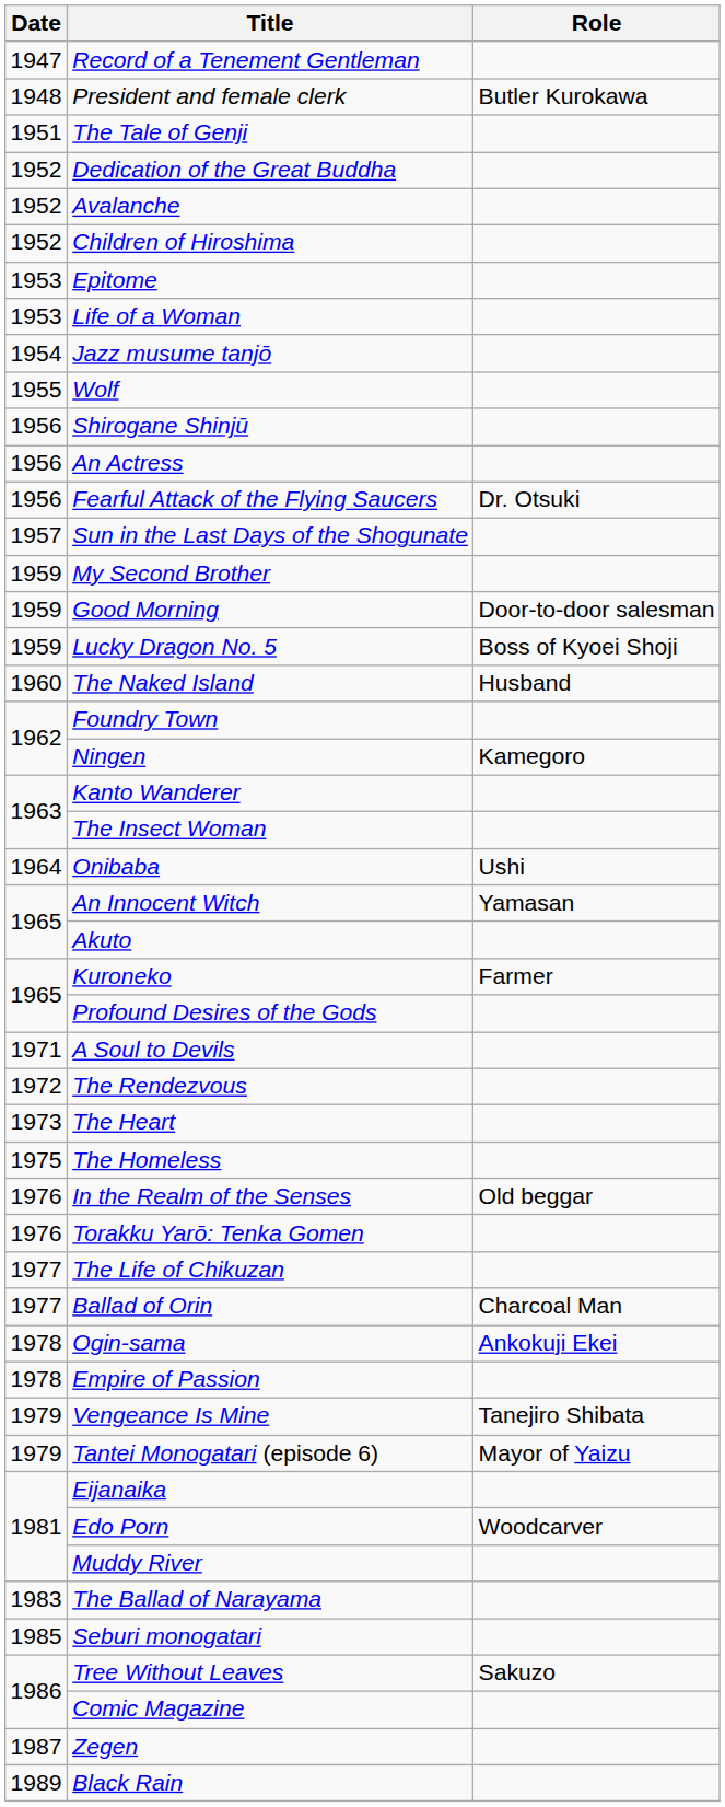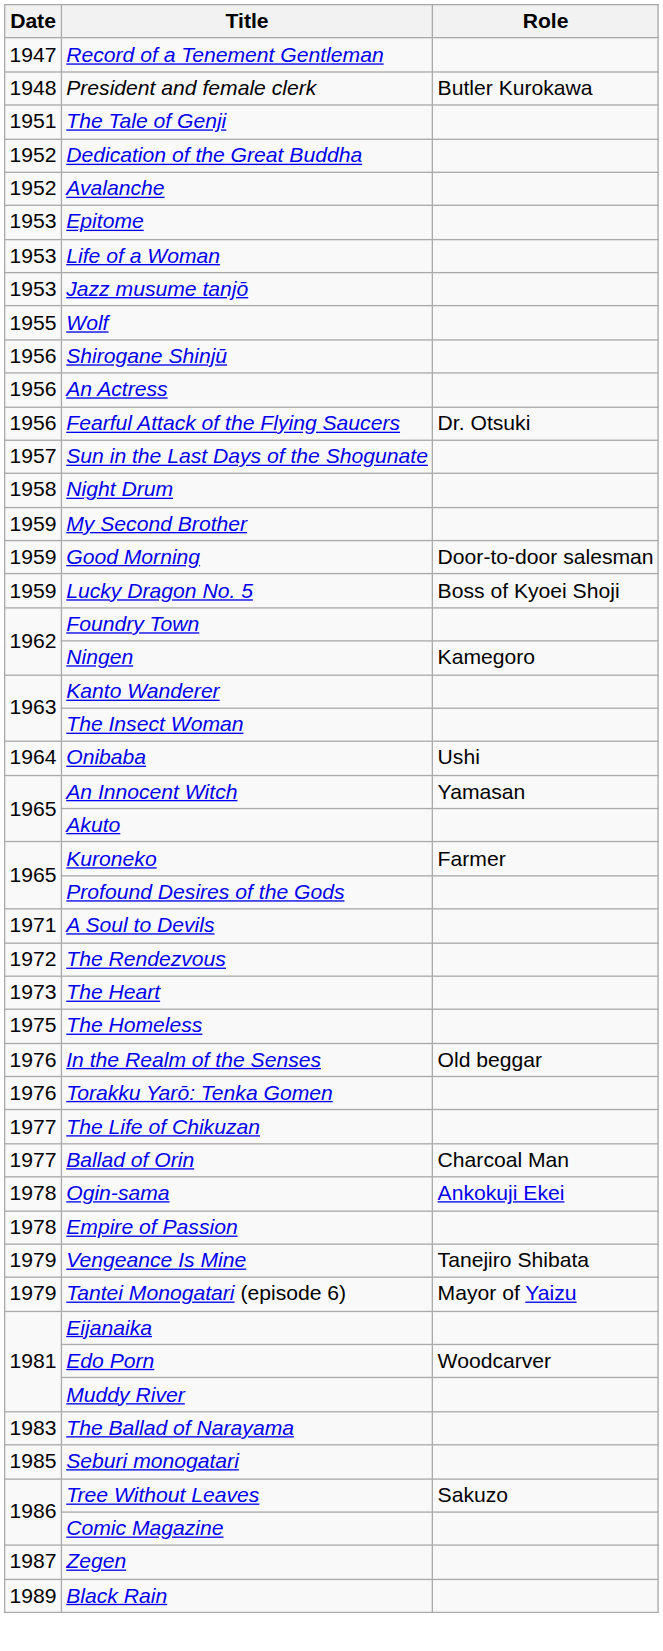 <table class=wikitable>
 <tr>
 <th>Date</th>
 <th>Title</th>
 <th>Role</th>
 </tr>
 <tr>
 <td>1947</td>
 <td><em><a href='#'>Record of a Tenement Gentleman</a></em></td>
 <td></td>
 </tr>
 <tr>
 <td>1948</td>
 <td><em>President and female clerk</em></td>
 <td>Butler Kurokawa</td>
 </tr>
 <tr>
 <td>1951</td>
 <td><em><a href='#'>The Tale of Genji</a></em></td>
 <td></td>
 </tr>
 <tr>
 <td>1952</td>
 <td><em><a href='#'>Dedication of the Great Buddha</a></em></td>
 <td></td>
 </tr>
 <tr>
 <td>1952</td>
 <td><em><a href='#'>Avalanche</a></em></td>
 <td></td>
 </tr>
 <tr>
-<td>1952</td>
-<td><em><a href='#'>Children of Hiroshima</a></em></td>
-<td></td>
-</tr>
-<tr>
 <td>1953</td>
 <td><em><a href='#'>Epitome</a></em></td>
 <td></td>
 </tr>
 <tr>
 <td>1953</td>
 <td><em><a href='#'>Life of a Woman</a></em></td>
 <td></td>
 </tr>
 <tr>
-<td>1954</td>
+<td>1953</td>
 <td><em><a href='#'>Jazz musume tanjō</a></em></td>
 <td></td>
 </tr>
 <tr>
 <td>1955</td>
 <td><em><a href='#'>Wolf</a></em></td>
 <td></td>
 </tr>
 <tr>
 <td>1956</td>
 <td><em><a href='#'>Shirogane Shinjū</a></em></td>
 <td></td>
 </tr>
 <tr>
 <td>1956</td>
 <td><em><a href='#'>An Actress</a></em></td>
 <td></td>
 </tr>
 <tr>
 <td>1956</td>
 <td><em><a href='#'>Fearful Attack of the Flying Saucers</a></em></td>
 <td>Dr. Otsuki</td>
 </tr>
 <tr>
 <td>1957</td>
 <td><em><a href='#'>Sun in the Last Days of the Shogunate</a></em></td>
 <td></td>
 </tr>
 <tr>
+<td>1958</td>
+<td><em><a href='#'>Night Drum</a></em></td>
+<td></td>
+</tr>
+<tr>
 <td>1959</td>
 <td><em><a href='#'>My Second Brother</a></em></td>
 <td></td>
 </tr>
 <tr>
 <td>1959</td>
 <td><em><a href='#'>Good Morning</a></em></td>
 <td>Door-to-door salesman</td>
 </tr>
 <tr>
 <td>1959</td>
 <td><em><a href='#'>Lucky Dragon No. 5</a></em></td>
 <td>Boss of Kyoei Shoji</td>
-</tr>
-<tr>
-<td>1960</td>
-<td><em><a href='#'>The Naked Island</a></em></td>
-<td>Husband</td>
 </tr>
 <tr>
 <td rowspan="2">1962</td>
 <td><em><a href='#'>Foundry Town</a></em></td>
 <td></td>
 </tr>
 <tr>
 <td><em><a href='#'>Ningen</a></em></td>
 <td>Kamegoro</td>
 </tr>
 <tr>
 <td rowspan="2">1963</td>
 <td><em><a href='#'>Kanto Wanderer</a></em></td>
 <td></td>
 </tr>
 <tr>
 <td><em><a href='#'>The Insect Woman</a></em></td>
 <td></td>
 </tr>
 <tr>
 <td>1964</td>
 <td><em><a href='#'>Onibaba</a></em></td>
 <td>Ushi</td>
 </tr>
 <tr>
 <td rowspan="2">1965</td>
 <td><em><a href='#'>An Innocent Witch</a></em></td>
 <td>Yamasan</td>
 </tr>
 <tr>
 <td><em><a href='#'>Akuto</a></em></td>
 <td></td>
 </tr>
 <tr>
 <td rowspan="2">1965</td>
 <td><em><a href='#'>Kuroneko</a></em></td>
 <td>Farmer</td>
 </tr>
 <tr>
 <td><em><a href='#'>Profound Desires of the Gods</a></em></td>
 <td></td>
 </tr>
 <tr>
 <td>1971</td>
 <td><em><a href='#'>A Soul to Devils</a></em></td>
 <td></td>
 </tr>
 <tr>
 <td>1972</td>
 <td><em><a href='#'>The Rendezvous</a></em></td>
 <td></td>
 </tr>
 <tr>
 <td>1973</td>
 <td><em><a href='#'>The Heart</a></em></td>
 <td></td>
 </tr>
 <tr>
 <td>1975</td>
 <td><em><a href='#'>The Homeless</a></em></td>
 <td></td>
 </tr>
 <tr>
 <td>1976</td>
 <td><em><a href='#'>In the Realm of the Senses</a></em></td>
 <td>Old beggar</td>
 </tr>
 <tr>
 <td>1976</td>
 <td><em><a href='#'>Torakku Yarō: Tenka Gomen</a></em></td>
 <td></td>
 </tr>
 <tr>
 <td>1977</td>
 <td><em><a href='#'>The Life of Chikuzan</a></em></td>
 <td></td>
 </tr>
 <tr>
 <td>1977</td>
 <td><em><a href='#'>Ballad of Orin</a></em></td>
 <td>Charcoal Man</td>
 </tr>
 <tr>
 <td>1978</td>
 <td><em><a href='#'>Ogin-sama</a></em></td>
 <td><a href='#'>Ankokuji Ekei</a></td>
 </tr>
 <tr>
 <td>1978</td>
 <td><em><a href='#'>Empire of Passion</a></em></td>
 <td></td>
 </tr>
 <tr>
 <td>1979</td>
 <td><em><a href='#'>Vengeance Is Mine</a></em></td>
 <td>Tanejiro Shibata</td>
 </tr>
 <tr>
 <td>1979</td>
 <td><em><a href='#'>Tantei Monogatari</a></em> (episode 6)</td>
 <td>Mayor of <a href='#'>Yaizu</a></td>
 </tr>
 <tr>
 <td rowspan="3">1981</td>
 <td><em><a href='#'>Eijanaika</a></em></td>
 <td></td>
 </tr>
 <tr>
 <td><em><a href='#'>Edo Porn</a></em></td>
 <td>Woodcarver</td>
 </tr>
 <tr>
 <td><em><a href='#'>Muddy River</a></em></td>
 <td></td>
 </tr>
 <tr>
 <td>1983</td>
 <td><em><a href='#'>The Ballad of Narayama</a></em></td>
 <td></td>
 </tr>
 <tr>
 <td>1985</td>
 <td><em><a href='#'>Seburi monogatari</a></em></td>
 <td></td>
 </tr>
 <tr>
 <td rowspan="2">1986</td>
 <td><em><a href='#'>Tree Without Leaves</a></em></td>
 <td>Sakuzo</td>
 </tr>
 <tr>
 <td><em><a href='#'>Comic Magazine</a></em></td>
 <td></td>
 </tr>
 <tr>
 <td>1987</td>
 <td><em><a href='#'>Zegen</a></em></td>
 <td></td>
 </tr>
 <tr>
 <td>1989</td>
 <td><em><a href='#'>Black Rain</a></em></td>
 <td></td>
 </tr>
 </table>
